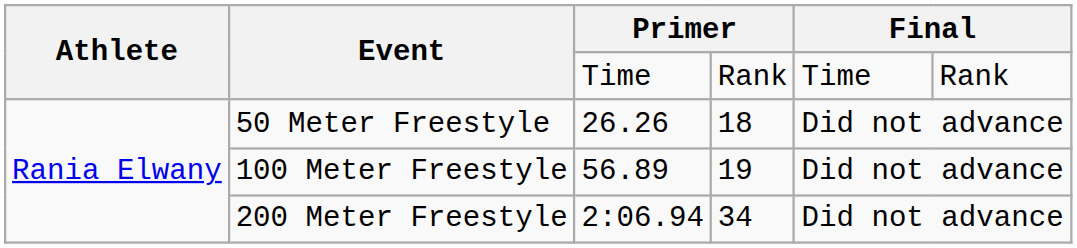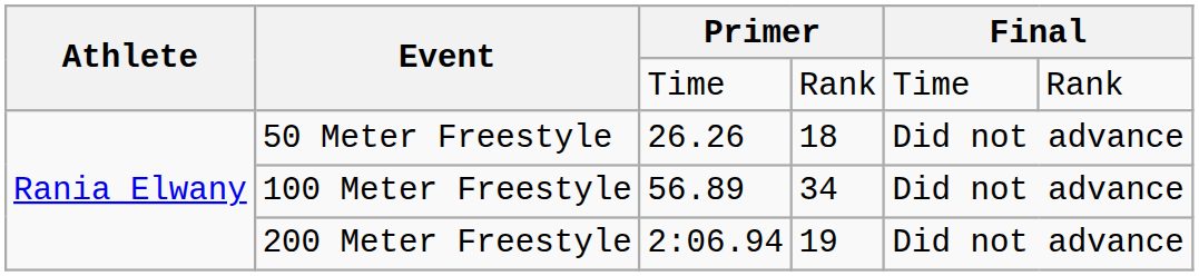 <table class="wikitable">
 <tr>
 <th rowspan="2">Athlete</th>
 <th rowspan="2">Event</th>
 <th colspan="2">Primer</th>
 <th colspan="2">Final</th>
 </tr>
 <tr>
 <td>Time</td>
 <td>Rank</td>
 <td>Time</td>
 <td>Rank</td>
 </tr>
 <tr>
 <td rowspan="3"><a href='#'>Rania Elwany</a></td>
 <td>50 Meter Freestyle</td>
 <td>26.26</td>
 <td>18</td>
 <td colspan="2">Did not advance</td>
 </tr>
 <tr>
 <td>100 Meter Freestyle</td>
 <td>56.89</td>
-<td>19</td>
+<td>34</td>
 <td colspan="2">Did not advance</td>
 </tr>
 <tr>
 <td>200 Meter Freestyle</td>
 <td>2:06.94</td>
-<td>34</td>
+<td>19</td>
 <td colspan="2">Did not advance</td>
 </tr>
 </table>
